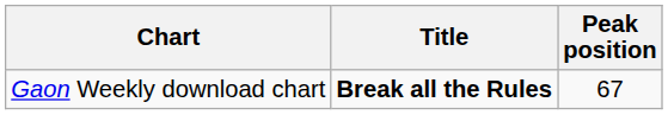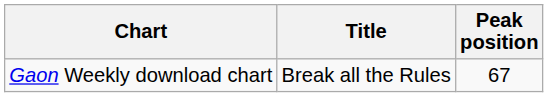 <table class="wikitable sortable">
 <tr>
 <th>Chart</th>
 <th>Title</th>
 <th>Peak<br>position</th>
 </tr>
 <tr>
 <td><em><a href='#'>Gaon</a></em> Weekly download chart</td>
-<td align="center"><strong>Break all the Rules</strong></td>
+<td align="center">Break all the Rules</td>
 <td align="center">67</td>
 </tr>
 </table>
